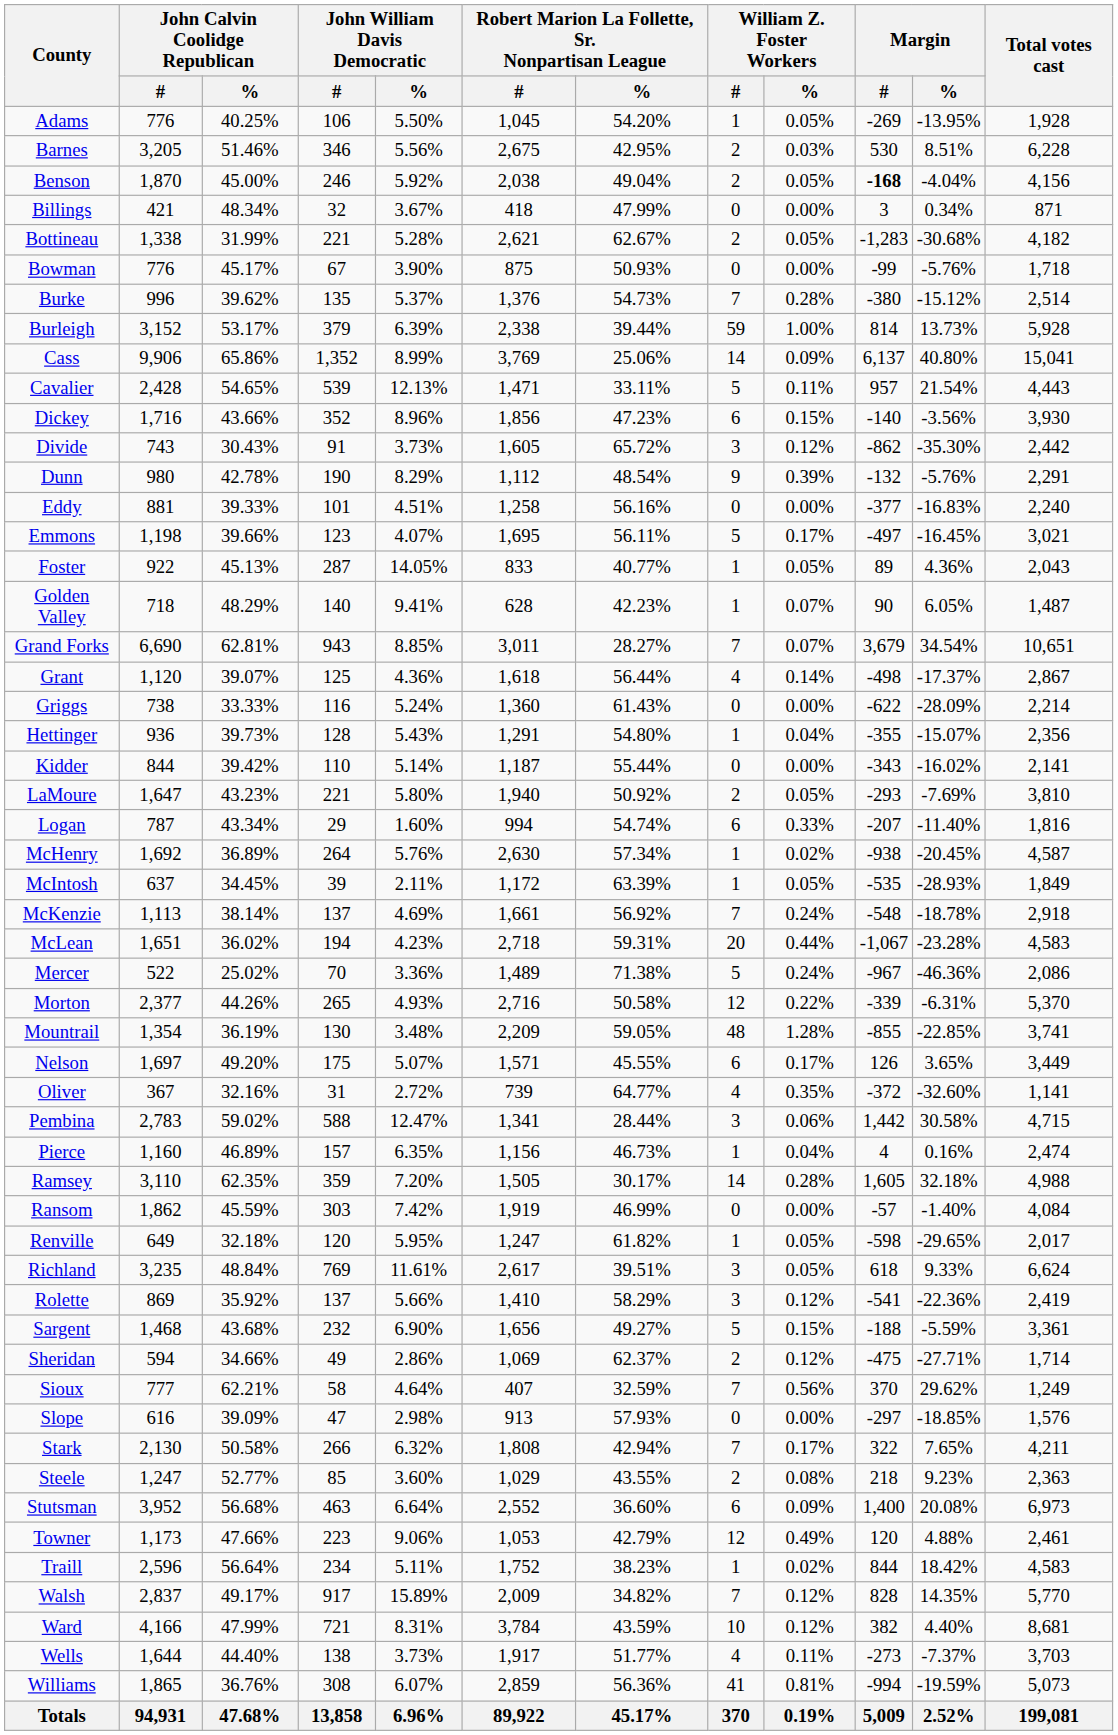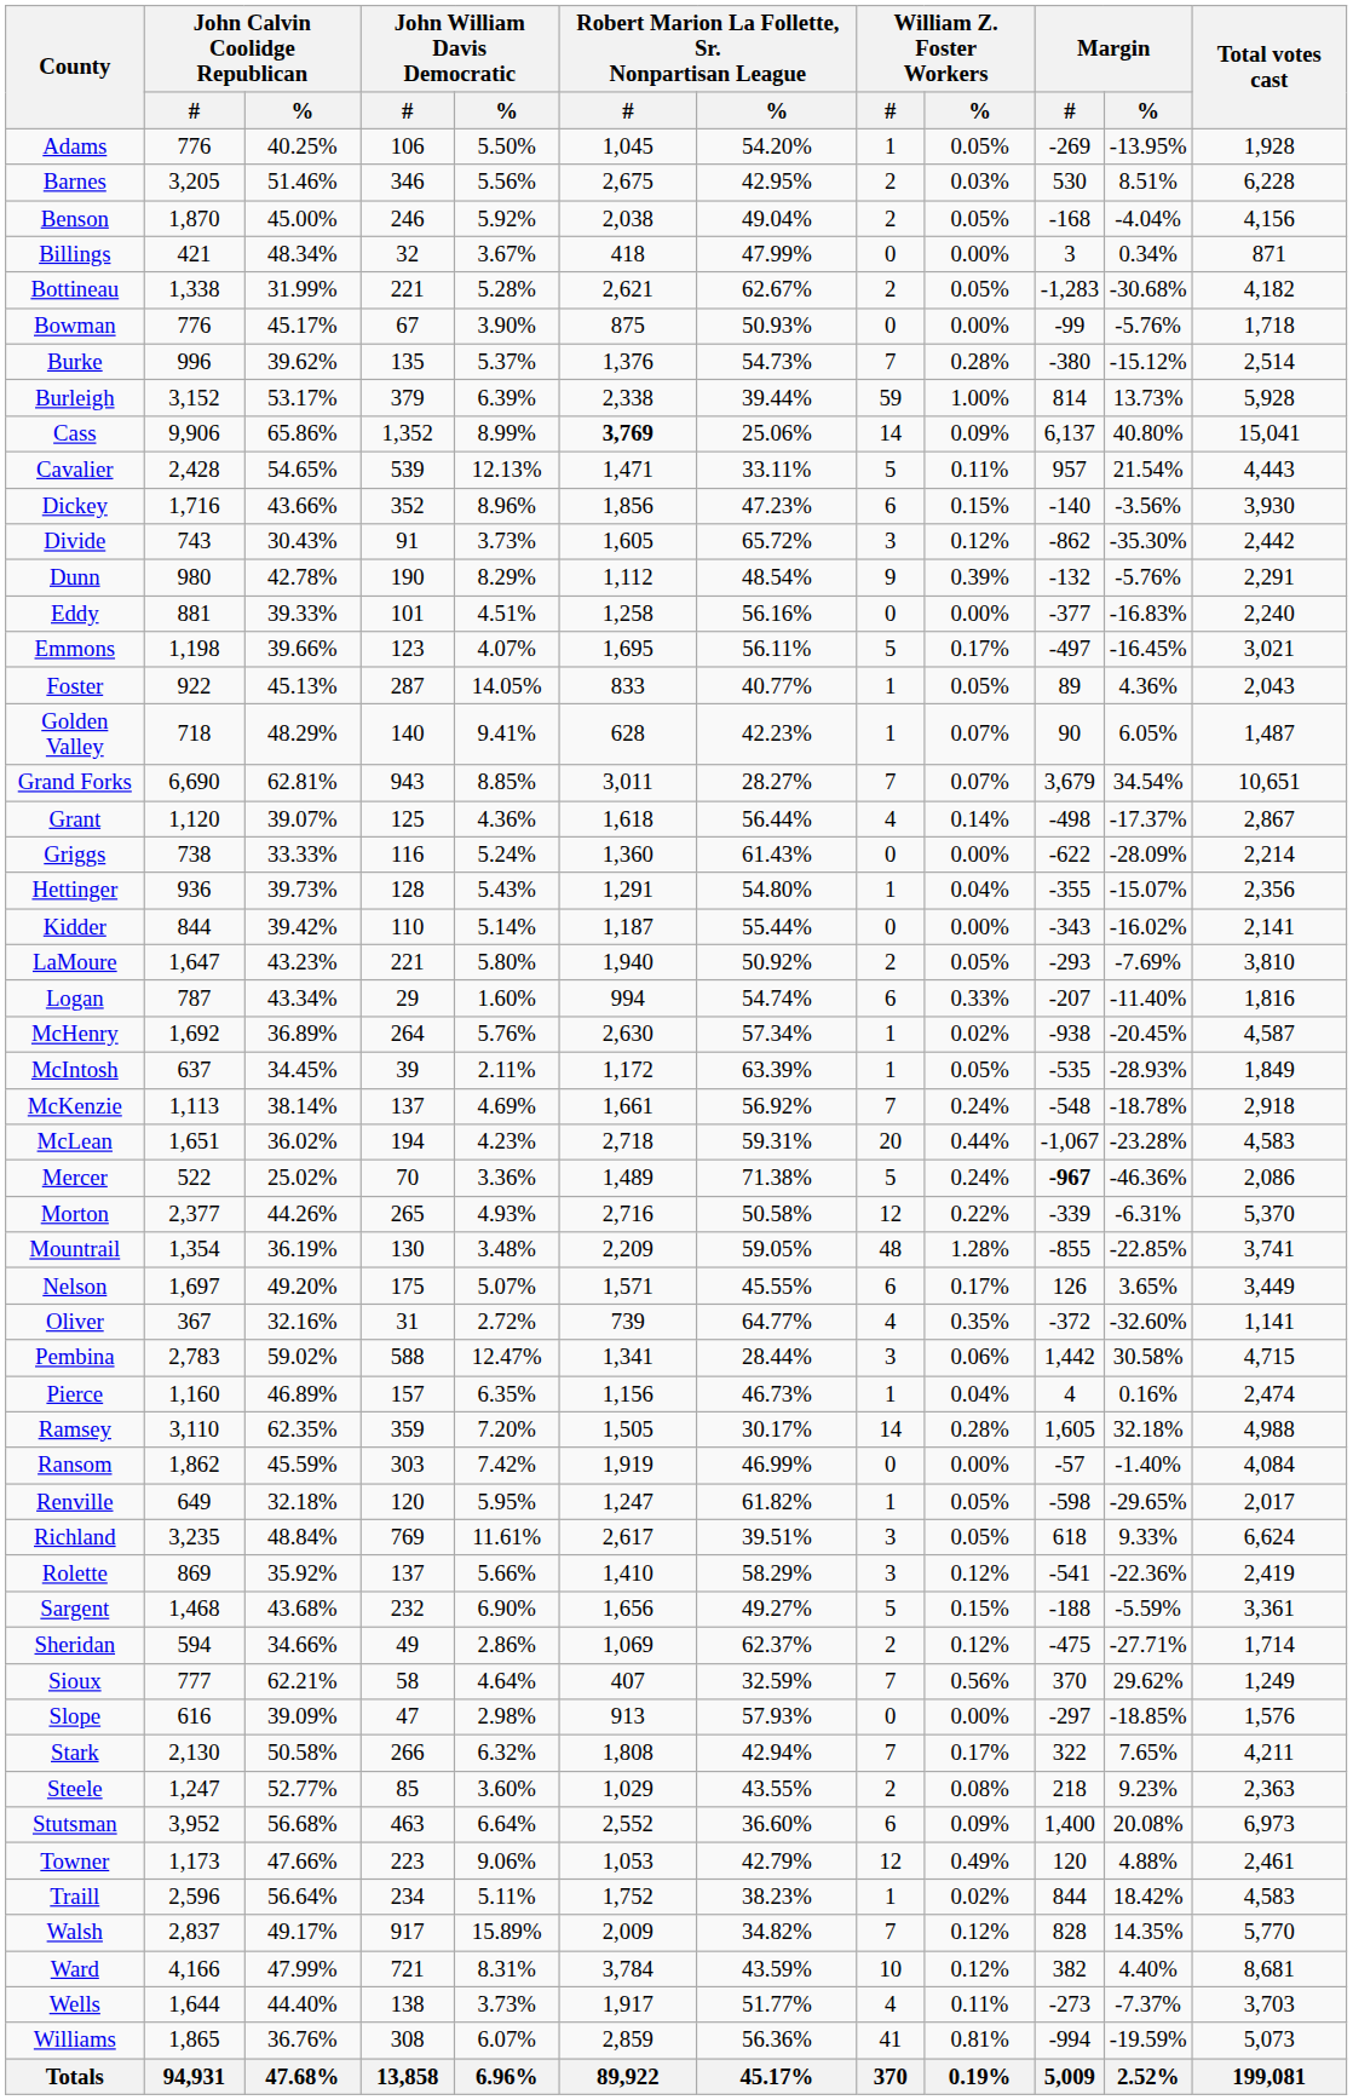 <table class="wikitable sortable" width="75%">
 <tr>
 <th rowspan="2">County</th>
 <th colspan="2">John Calvin Coolidge<br>Republican</th>
 <th colspan="2">John William Davis<br>Democratic</th>
 <th colspan="2">Robert Marion La Follette, Sr.<br>Nonpartisan League</th>
 <th colspan="2">William Z. Foster<br>Workers</th>
 <th colspan="2">Margin</th>
 <th rowspan="2">Total votes cast</th>
 </tr>
 <tr style="text-align:center;">
 <th data-sort-type="number">#</th>
 <th data-sort-type="number">%</th>
 <th data-sort-type="number">#</th>
 <th data-sort-type="number">%</th>
 <th data-sort-type="number">#</th>
 <th data-sort-type="number">%</th>
 <th data-sort-type="number">#</th>
 <th data-sort-type="number">%</th>
 <th data-sort-type="number">#</th>
 <th data-sort-type="number">%</th>
 </tr>
 <tr style="text-align:center;">
 <td><a href='#'>Adams</a></td>
 <td>776</td>
 <td>40.25%</td>
 <td>106</td>
 <td>5.50%</td>
 <td>1,045</td>
 <td>54.20%</td>
 <td>1</td>
 <td>0.05%</td>
 <td>-269</td>
 <td>-13.95%</td>
 <td>1,928</td>
 </tr>
 <tr style="text-align:center;">
 <td><a href='#'>Barnes</a></td>
 <td>3,205</td>
 <td>51.46%</td>
 <td>346</td>
 <td>5.56%</td>
 <td>2,675</td>
 <td>42.95%</td>
 <td>2</td>
 <td>0.03%</td>
 <td>530</td>
 <td>8.51%</td>
 <td>6,228</td>
 </tr>
 <tr style="text-align:center;">
 <td><a href='#'>Benson</a></td>
 <td>1,870</td>
 <td>45.00%</td>
 <td>246</td>
 <td>5.92%</td>
 <td>2,038</td>
 <td>49.04%</td>
 <td>2</td>
 <td>0.05%</td>
-<td><strong>-168</strong></td>
+<td>-168</td>
 <td>-4.04%</td>
 <td>4,156</td>
 </tr>
 <tr style="text-align:center;">
 <td><a href='#'>Billings</a></td>
 <td>421</td>
 <td>48.34%</td>
 <td>32</td>
 <td>3.67%</td>
 <td>418</td>
 <td>47.99%</td>
 <td>0</td>
 <td>0.00%</td>
 <td>3</td>
 <td>0.34%</td>
 <td>871</td>
 </tr>
 <tr style="text-align:center;">
 <td><a href='#'>Bottineau</a></td>
 <td>1,338</td>
 <td>31.99%</td>
 <td>221</td>
 <td>5.28%</td>
 <td>2,621</td>
 <td>62.67%</td>
 <td>2</td>
 <td>0.05%</td>
 <td>-1,283</td>
 <td>-30.68%</td>
 <td>4,182</td>
 </tr>
 <tr style="text-align:center;">
 <td><a href='#'>Bowman</a></td>
 <td>776</td>
 <td>45.17%</td>
 <td>67</td>
 <td>3.90%</td>
 <td>875</td>
 <td>50.93%</td>
 <td>0</td>
 <td>0.00%</td>
 <td>-99</td>
 <td>-5.76%</td>
 <td>1,718</td>
 </tr>
 <tr style="text-align:center;">
 <td><a href='#'>Burke</a></td>
 <td>996</td>
 <td>39.62%</td>
 <td>135</td>
 <td>5.37%</td>
 <td>1,376</td>
 <td>54.73%</td>
 <td>7</td>
 <td>0.28%</td>
 <td>-380</td>
 <td>-15.12%</td>
 <td>2,514</td>
 </tr>
 <tr style="text-align:center;">
 <td><a href='#'>Burleigh</a></td>
 <td>3,152</td>
 <td>53.17%</td>
 <td>379</td>
 <td>6.39%</td>
 <td>2,338</td>
 <td>39.44%</td>
 <td>59</td>
 <td>1.00%</td>
 <td>814</td>
 <td>13.73%</td>
 <td>5,928</td>
 </tr>
 <tr style="text-align:center;">
 <td><a href='#'>Cass</a></td>
 <td>9,906</td>
 <td>65.86%</td>
 <td>1,352</td>
 <td>8.99%</td>
-<td>3,769</td>
+<td><strong>3,769</strong></td>
 <td>25.06%</td>
 <td>14</td>
 <td>0.09%</td>
 <td>6,137</td>
 <td>40.80%</td>
 <td>15,041</td>
 </tr>
 <tr style="text-align:center;">
 <td><a href='#'>Cavalier</a></td>
 <td>2,428</td>
 <td>54.65%</td>
 <td>539</td>
 <td>12.13%</td>
 <td>1,471</td>
 <td>33.11%</td>
 <td>5</td>
 <td>0.11%</td>
 <td>957</td>
 <td>21.54%</td>
 <td>4,443</td>
 </tr>
 <tr style="text-align:center;">
 <td><a href='#'>Dickey</a></td>
 <td>1,716</td>
 <td>43.66%</td>
 <td>352</td>
 <td>8.96%</td>
 <td>1,856</td>
 <td>47.23%</td>
 <td>6</td>
 <td>0.15%</td>
 <td>-140</td>
 <td>-3.56%</td>
 <td>3,930</td>
 </tr>
 <tr style="text-align:center;">
 <td><a href='#'>Divide</a></td>
 <td>743</td>
 <td>30.43%</td>
 <td>91</td>
 <td>3.73%</td>
 <td>1,605</td>
 <td>65.72%</td>
 <td>3</td>
 <td>0.12%</td>
 <td>-862</td>
 <td>-35.30%</td>
 <td>2,442</td>
 </tr>
 <tr style="text-align:center;">
 <td><a href='#'>Dunn</a></td>
 <td>980</td>
 <td>42.78%</td>
 <td>190</td>
 <td>8.29%</td>
 <td>1,112</td>
 <td>48.54%</td>
 <td>9</td>
 <td>0.39%</td>
 <td>-132</td>
 <td>-5.76%</td>
 <td>2,291</td>
 </tr>
 <tr style="text-align:center;">
 <td><a href='#'>Eddy</a></td>
 <td>881</td>
 <td>39.33%</td>
 <td>101</td>
 <td>4.51%</td>
 <td>1,258</td>
 <td>56.16%</td>
 <td>0</td>
 <td>0.00%</td>
 <td>-377</td>
 <td>-16.83%</td>
 <td>2,240</td>
 </tr>
 <tr style="text-align:center;">
 <td><a href='#'>Emmons</a></td>
 <td>1,198</td>
 <td>39.66%</td>
 <td>123</td>
 <td>4.07%</td>
 <td>1,695</td>
 <td>56.11%</td>
 <td>5</td>
 <td>0.17%</td>
 <td>-497</td>
 <td>-16.45%</td>
 <td>3,021</td>
 </tr>
 <tr style="text-align:center;">
 <td><a href='#'>Foster</a></td>
 <td>922</td>
 <td>45.13%</td>
 <td>287</td>
 <td>14.05%</td>
 <td>833</td>
 <td>40.77%</td>
 <td>1</td>
 <td>0.05%</td>
 <td>89</td>
 <td>4.36%</td>
 <td>2,043</td>
 </tr>
 <tr style="text-align:center;">
 <td><a href='#'>Golden Valley</a></td>
 <td>718</td>
 <td>48.29%</td>
 <td>140</td>
 <td>9.41%</td>
 <td>628</td>
 <td>42.23%</td>
 <td>1</td>
 <td>0.07%</td>
 <td>90</td>
 <td>6.05%</td>
 <td>1,487</td>
 </tr>
 <tr style="text-align:center;">
 <td><a href='#'>Grand Forks</a></td>
 <td>6,690</td>
 <td>62.81%</td>
 <td>943</td>
 <td>8.85%</td>
 <td>3,011</td>
 <td>28.27%</td>
 <td>7</td>
 <td>0.07%</td>
 <td>3,679</td>
 <td>34.54%</td>
 <td>10,651</td>
 </tr>
 <tr style="text-align:center;">
 <td><a href='#'>Grant</a></td>
 <td>1,120</td>
 <td>39.07%</td>
 <td>125</td>
 <td>4.36%</td>
 <td>1,618</td>
 <td>56.44%</td>
 <td>4</td>
 <td>0.14%</td>
 <td>-498</td>
 <td>-17.37%</td>
 <td>2,867</td>
 </tr>
 <tr style="text-align:center;">
 <td><a href='#'>Griggs</a></td>
 <td>738</td>
 <td>33.33%</td>
 <td>116</td>
 <td>5.24%</td>
 <td>1,360</td>
 <td>61.43%</td>
 <td>0</td>
 <td>0.00%</td>
 <td>-622</td>
 <td>-28.09%</td>
 <td>2,214</td>
 </tr>
 <tr style="text-align:center;">
 <td><a href='#'>Hettinger</a></td>
 <td>936</td>
 <td>39.73%</td>
 <td>128</td>
 <td>5.43%</td>
 <td>1,291</td>
 <td>54.80%</td>
 <td>1</td>
 <td>0.04%</td>
 <td>-355</td>
 <td>-15.07%</td>
 <td>2,356</td>
 </tr>
 <tr style="text-align:center;">
 <td><a href='#'>Kidder</a></td>
 <td>844</td>
 <td>39.42%</td>
 <td>110</td>
 <td>5.14%</td>
 <td>1,187</td>
 <td>55.44%</td>
 <td>0</td>
 <td>0.00%</td>
 <td>-343</td>
 <td>-16.02%</td>
 <td>2,141</td>
 </tr>
 <tr style="text-align:center;">
 <td><a href='#'>LaMoure</a></td>
 <td>1,647</td>
 <td>43.23%</td>
 <td>221</td>
 <td>5.80%</td>
 <td>1,940</td>
 <td>50.92%</td>
 <td>2</td>
 <td>0.05%</td>
 <td>-293</td>
 <td>-7.69%</td>
 <td>3,810</td>
 </tr>
 <tr style="text-align:center;">
 <td><a href='#'>Logan</a></td>
 <td>787</td>
 <td>43.34%</td>
 <td>29</td>
 <td>1.60%</td>
 <td>994</td>
 <td>54.74%</td>
 <td>6</td>
 <td>0.33%</td>
 <td>-207</td>
 <td>-11.40%</td>
 <td>1,816</td>
 </tr>
 <tr style="text-align:center;">
 <td><a href='#'>McHenry</a></td>
 <td>1,692</td>
 <td>36.89%</td>
 <td>264</td>
 <td>5.76%</td>
 <td>2,630</td>
 <td>57.34%</td>
 <td>1</td>
 <td>0.02%</td>
 <td>-938</td>
 <td>-20.45%</td>
 <td>4,587</td>
 </tr>
 <tr style="text-align:center;">
 <td><a href='#'>McIntosh</a></td>
 <td>637</td>
 <td>34.45%</td>
 <td>39</td>
 <td>2.11%</td>
 <td>1,172</td>
 <td>63.39%</td>
 <td>1</td>
 <td>0.05%</td>
 <td>-535</td>
 <td>-28.93%</td>
 <td>1,849</td>
 </tr>
 <tr style="text-align:center;">
 <td><a href='#'>McKenzie</a></td>
 <td>1,113</td>
 <td>38.14%</td>
 <td>137</td>
 <td>4.69%</td>
 <td>1,661</td>
 <td>56.92%</td>
 <td>7</td>
 <td>0.24%</td>
 <td>-548</td>
 <td>-18.78%</td>
 <td>2,918</td>
 </tr>
 <tr style="text-align:center;">
 <td><a href='#'>McLean</a></td>
 <td>1,651</td>
 <td>36.02%</td>
 <td>194</td>
 <td>4.23%</td>
 <td>2,718</td>
 <td>59.31%</td>
 <td>20</td>
 <td>0.44%</td>
 <td>-1,067</td>
 <td>-23.28%</td>
 <td>4,583</td>
 </tr>
 <tr style="text-align:center;">
 <td><a href='#'>Mercer</a></td>
 <td>522</td>
 <td>25.02%</td>
 <td>70</td>
 <td>3.36%</td>
 <td>1,489</td>
 <td>71.38%</td>
 <td>5</td>
 <td>0.24%</td>
-<td>-967</td>
+<td><strong>-967</strong></td>
 <td>-46.36%</td>
 <td>2,086</td>
 </tr>
 <tr style="text-align:center;">
 <td><a href='#'>Morton</a></td>
 <td>2,377</td>
 <td>44.26%</td>
 <td>265</td>
 <td>4.93%</td>
 <td>2,716</td>
 <td>50.58%</td>
 <td>12</td>
 <td>0.22%</td>
 <td>-339</td>
 <td>-6.31%</td>
 <td>5,370</td>
 </tr>
 <tr style="text-align:center;">
 <td><a href='#'>Mountrail</a></td>
 <td>1,354</td>
 <td>36.19%</td>
 <td>130</td>
 <td>3.48%</td>
 <td>2,209</td>
 <td>59.05%</td>
 <td>48</td>
 <td>1.28%</td>
 <td>-855</td>
 <td>-22.85%</td>
 <td>3,741</td>
 </tr>
 <tr style="text-align:center;">
 <td><a href='#'>Nelson</a></td>
 <td>1,697</td>
 <td>49.20%</td>
 <td>175</td>
 <td>5.07%</td>
 <td>1,571</td>
 <td>45.55%</td>
 <td>6</td>
 <td>0.17%</td>
 <td>126</td>
 <td>3.65%</td>
 <td>3,449</td>
 </tr>
 <tr style="text-align:center;">
 <td><a href='#'>Oliver</a></td>
 <td>367</td>
 <td>32.16%</td>
 <td>31</td>
 <td>2.72%</td>
 <td>739</td>
 <td>64.77%</td>
 <td>4</td>
 <td>0.35%</td>
 <td>-372</td>
 <td>-32.60%</td>
 <td>1,141</td>
 </tr>
 <tr style="text-align:center;">
 <td><a href='#'>Pembina</a></td>
 <td>2,783</td>
 <td>59.02%</td>
 <td>588</td>
 <td>12.47%</td>
 <td>1,341</td>
 <td>28.44%</td>
 <td>3</td>
 <td>0.06%</td>
 <td>1,442</td>
 <td>30.58%</td>
 <td>4,715</td>
 </tr>
 <tr style="text-align:center;">
 <td><a href='#'>Pierce</a></td>
 <td>1,160</td>
 <td>46.89%</td>
 <td>157</td>
 <td>6.35%</td>
 <td>1,156</td>
 <td>46.73%</td>
 <td>1</td>
 <td>0.04%</td>
 <td>4</td>
 <td>0.16%</td>
 <td>2,474</td>
 </tr>
 <tr style="text-align:center;">
 <td><a href='#'>Ramsey</a></td>
 <td>3,110</td>
 <td>62.35%</td>
 <td>359</td>
 <td>7.20%</td>
 <td>1,505</td>
 <td>30.17%</td>
 <td>14</td>
 <td>0.28%</td>
 <td>1,605</td>
 <td>32.18%</td>
 <td>4,988</td>
 </tr>
 <tr style="text-align:center;">
 <td><a href='#'>Ransom</a></td>
 <td>1,862</td>
 <td>45.59%</td>
 <td>303</td>
 <td>7.42%</td>
 <td>1,919</td>
 <td>46.99%</td>
 <td>0</td>
 <td>0.00%</td>
 <td>-57</td>
 <td>-1.40%</td>
 <td>4,084</td>
 </tr>
 <tr style="text-align:center;">
 <td><a href='#'>Renville</a></td>
 <td>649</td>
 <td>32.18%</td>
 <td>120</td>
 <td>5.95%</td>
 <td>1,247</td>
 <td>61.82%</td>
 <td>1</td>
 <td>0.05%</td>
 <td>-598</td>
 <td>-29.65%</td>
 <td>2,017</td>
 </tr>
 <tr style="text-align:center;">
 <td><a href='#'>Richland</a></td>
 <td>3,235</td>
 <td>48.84%</td>
 <td>769</td>
 <td>11.61%</td>
 <td>2,617</td>
 <td>39.51%</td>
 <td>3</td>
 <td>0.05%</td>
 <td>618</td>
 <td>9.33%</td>
 <td>6,624</td>
 </tr>
 <tr style="text-align:center;">
 <td><a href='#'>Rolette</a></td>
 <td>869</td>
 <td>35.92%</td>
 <td>137</td>
 <td>5.66%</td>
 <td>1,410</td>
 <td>58.29%</td>
 <td>3</td>
 <td>0.12%</td>
 <td>-541</td>
 <td>-22.36%</td>
 <td>2,419</td>
 </tr>
 <tr style="text-align:center;">
 <td><a href='#'>Sargent</a></td>
 <td>1,468</td>
 <td>43.68%</td>
 <td>232</td>
 <td>6.90%</td>
 <td>1,656</td>
 <td>49.27%</td>
 <td>5</td>
 <td>0.15%</td>
 <td>-188</td>
 <td>-5.59%</td>
 <td>3,361</td>
 </tr>
 <tr style="text-align:center;">
 <td><a href='#'>Sheridan</a></td>
 <td>594</td>
 <td>34.66%</td>
 <td>49</td>
 <td>2.86%</td>
 <td>1,069</td>
 <td>62.37%</td>
 <td>2</td>
 <td>0.12%</td>
 <td>-475</td>
 <td>-27.71%</td>
 <td>1,714</td>
 </tr>
 <tr style="text-align:center;">
 <td><a href='#'>Sioux</a></td>
 <td>777</td>
 <td>62.21%</td>
 <td>58</td>
 <td>4.64%</td>
 <td>407</td>
 <td>32.59%</td>
 <td>7</td>
 <td>0.56%</td>
 <td>370</td>
 <td>29.62%</td>
 <td>1,249</td>
 </tr>
 <tr style="text-align:center;">
 <td><a href='#'>Slope</a></td>
 <td>616</td>
 <td>39.09%</td>
 <td>47</td>
 <td>2.98%</td>
 <td>913</td>
 <td>57.93%</td>
 <td>0</td>
 <td>0.00%</td>
 <td>-297</td>
 <td>-18.85%</td>
 <td>1,576</td>
 </tr>
 <tr style="text-align:center;">
 <td><a href='#'>Stark</a></td>
 <td>2,130</td>
 <td>50.58%</td>
 <td>266</td>
 <td>6.32%</td>
 <td>1,808</td>
 <td>42.94%</td>
 <td>7</td>
 <td>0.17%</td>
 <td>322</td>
 <td>7.65%</td>
 <td>4,211</td>
 </tr>
 <tr style="text-align:center;">
 <td><a href='#'>Steele</a></td>
 <td>1,247</td>
 <td>52.77%</td>
 <td>85</td>
 <td>3.60%</td>
 <td>1,029</td>
 <td>43.55%</td>
 <td>2</td>
 <td>0.08%</td>
 <td>218</td>
 <td>9.23%</td>
 <td>2,363</td>
 </tr>
 <tr style="text-align:center;">
 <td><a href='#'>Stutsman</a></td>
 <td>3,952</td>
 <td>56.68%</td>
 <td>463</td>
 <td>6.64%</td>
 <td>2,552</td>
 <td>36.60%</td>
 <td>6</td>
 <td>0.09%</td>
 <td>1,400</td>
 <td>20.08%</td>
 <td>6,973</td>
 </tr>
 <tr style="text-align:center;">
 <td><a href='#'>Towner</a></td>
 <td>1,173</td>
 <td>47.66%</td>
 <td>223</td>
 <td>9.06%</td>
 <td>1,053</td>
 <td>42.79%</td>
 <td>12</td>
 <td>0.49%</td>
 <td>120</td>
 <td>4.88%</td>
 <td>2,461</td>
 </tr>
 <tr style="text-align:center;">
 <td><a href='#'>Traill</a></td>
 <td>2,596</td>
 <td>56.64%</td>
 <td>234</td>
 <td>5.11%</td>
 <td>1,752</td>
 <td>38.23%</td>
 <td>1</td>
 <td>0.02%</td>
 <td>844</td>
 <td>18.42%</td>
 <td>4,583</td>
 </tr>
 <tr style="text-align:center;">
 <td><a href='#'>Walsh</a></td>
 <td>2,837</td>
 <td>49.17%</td>
 <td>917</td>
 <td>15.89%</td>
 <td>2,009</td>
 <td>34.82%</td>
 <td>7</td>
 <td>0.12%</td>
 <td>828</td>
 <td>14.35%</td>
 <td>5,770</td>
 </tr>
 <tr style="text-align:center;">
 <td><a href='#'>Ward</a></td>
 <td>4,166</td>
 <td>47.99%</td>
 <td>721</td>
 <td>8.31%</td>
 <td>3,784</td>
 <td>43.59%</td>
 <td>10</td>
 <td>0.12%</td>
 <td>382</td>
 <td>4.40%</td>
 <td>8,681</td>
 </tr>
 <tr style="text-align:center;">
 <td><a href='#'>Wells</a></td>
 <td>1,644</td>
 <td>44.40%</td>
 <td>138</td>
 <td>3.73%</td>
 <td>1,917</td>
 <td>51.77%</td>
 <td>4</td>
 <td>0.11%</td>
 <td>-273</td>
 <td>-7.37%</td>
 <td>3,703</td>
 </tr>
 <tr style="text-align:center;">
 <td><a href='#'>Williams</a></td>
 <td>1,865</td>
 <td>36.76%</td>
 <td>308</td>
 <td>6.07%</td>
 <td>2,859</td>
 <td>56.36%</td>
 <td>41</td>
 <td>0.81%</td>
 <td>-994</td>
 <td>-19.59%</td>
 <td>5,073</td>
 </tr>
 <tr style="text-align:center;">
 <th>Totals</th>
 <th>94,931</th>
 <th>47.68%</th>
 <th>13,858</th>
 <th>6.96%</th>
 <th>89,922</th>
 <th>45.17%</th>
 <th>370</th>
 <th>0.19%</th>
 <th>5,009</th>
 <th>2.52%</th>
 <th>199,081</th>
 </tr>
 </table>
